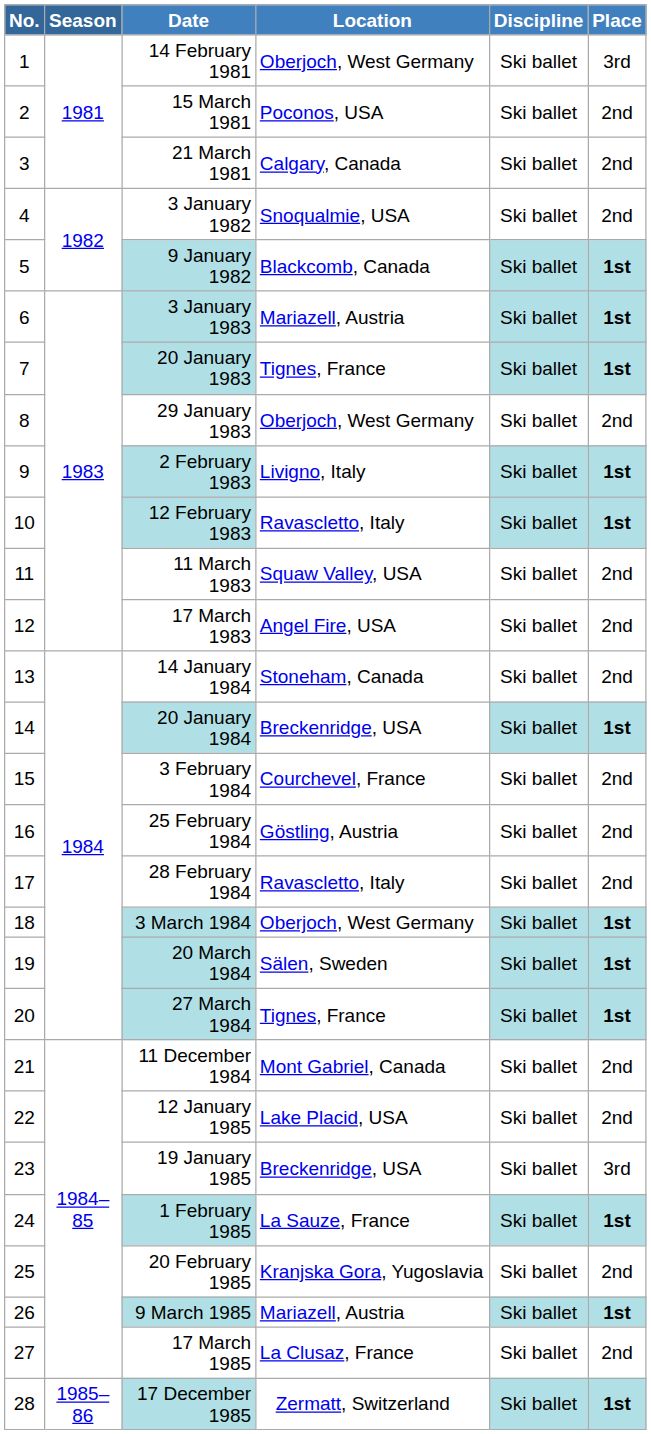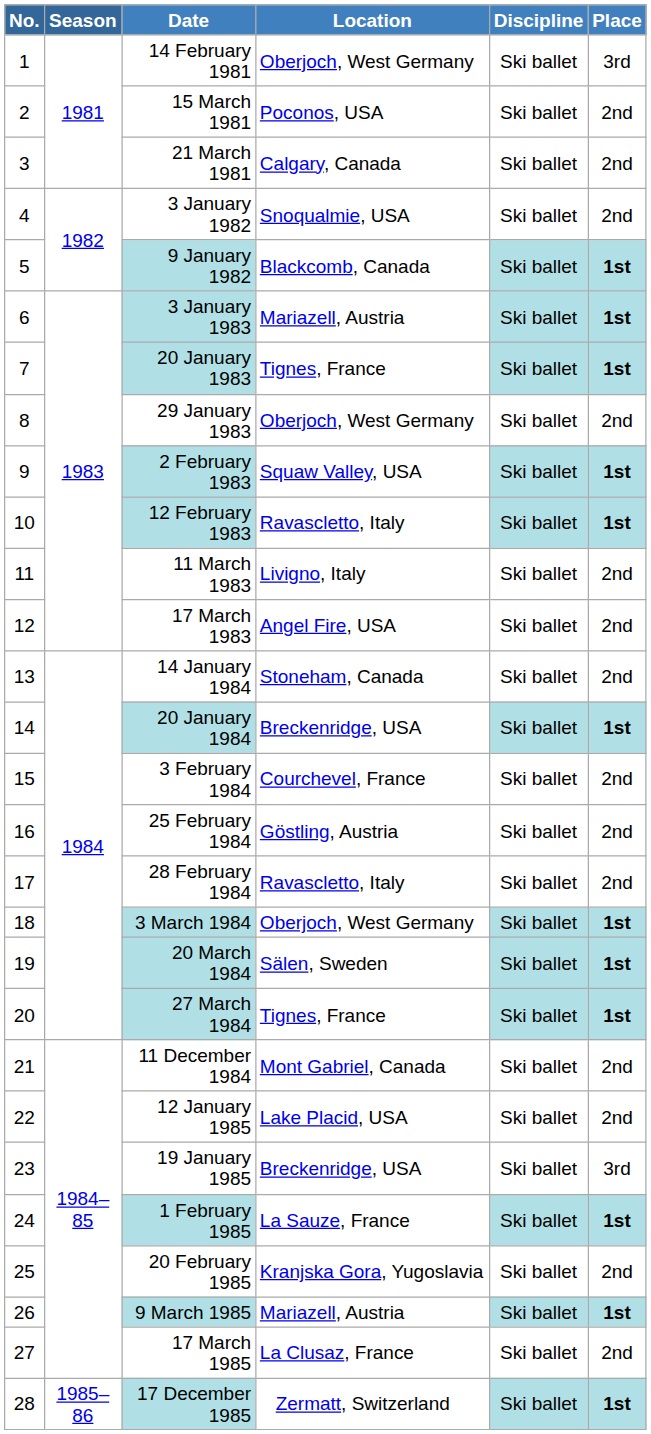 <table class="wikitable sortable" style="font-size:95%; text-align:center; border:grey solid 1px; border-collapse:collapse; background:#ffffff;">
 <tr style="background:#efefef;">
 <th style="background-color:#369; color:white;">No.</th>
 <th style="background-color:#369; color:white; width:55px;">Season</th>
 <th style="background-color:#4180be; color:white; width:100px;">Date</th>
 <th style="background-color:#4180be; color:white; width:180px;">Location</th>
 <th style="background-color:#4180be; color:white; width:70px;">Discipline</th>
 <th style="background-color:#4180be; color:white;">Place</th>
 </tr>
 <tr>
 <td align=center>1</td>
 <td rowspan=3 align=center><a href='#'>1981</a></td>
 <td align=right>14 February 1981</td>
 <td align=left> <a href='#'>Oberjoch</a>, West Germany</td>
 <td>Ski ballet</td>
 <td>3rd</td>
 </tr>
 <tr>
 <td align=center>2</td>
 <td align=right>15 March 1981</td>
 <td align=left> <a href='#'>Poconos</a>, USA</td>
 <td>Ski ballet</td>
 <td>2nd</td>
 </tr>
 <tr>
 <td align=center>3</td>
 <td align=right>21 March 1981</td>
 <td align=left> <a href='#'>Calgary</a>, Canada</td>
 <td>Ski ballet</td>
 <td>2nd</td>
 </tr>
 <tr>
 <td align=center>4</td>
 <td rowspan=2 align=center><a href='#'>1982</a></td>
 <td align=right>3 January 1982</td>
 <td align=left> <a href='#'>Snoqualmie</a>, USA</td>
 <td>Ski ballet</td>
 <td>2nd</td>
 </tr>
 <tr>
 <td align=center>5</td>
 <td bgcolor="#BOEOE6" align=right>9 January 1982</td>
 <td align=left> <a href='#'>Blackcomb</a>, Canada</td>
 <td bgcolor="#BOEOE6">Ski ballet</td>
 <td bgcolor="#BOEOE6"><strong>1st</strong></td>
 </tr>
 <tr>
 <td align=center>6</td>
 <td rowspan=7 align=center><a href='#'>1983</a></td>
 <td bgcolor="#BOEOE6" align=right>3 January 1983</td>
 <td align=left> <a href='#'>Mariazell</a>, Austria</td>
 <td bgcolor="#BOEOE6">Ski ballet</td>
 <td bgcolor="#BOEOE6"><strong>1st</strong></td>
 </tr>
 <tr>
 <td align=center>7</td>
 <td bgcolor="#BOEOE6" align=right>20 January 1983</td>
 <td align=left> <a href='#'>Tignes</a>, France</td>
 <td bgcolor="#BOEOE6">Ski ballet</td>
 <td bgcolor="#BOEOE6"><strong>1st</strong></td>
 </tr>
 <tr>
 <td align=center>8</td>
 <td align=right>29 January 1983</td>
 <td align=left> <a href='#'>Oberjoch</a>, West Germany</td>
 <td>Ski ballet</td>
 <td>2nd</td>
 </tr>
 <tr>
 <td align=center>9</td>
 <td bgcolor="#BOEOE6" align=right>2 February 1983</td>
-<td align=left> <a href='#'>Livigno</a>, Italy</td>
+<td align=left> <a href='#'>Squaw Valley</a>, USA</td>
 <td bgcolor="#BOEOE6">Ski ballet</td>
 <td bgcolor="#BOEOE6"><strong>1st</strong></td>
 </tr>
 <tr>
 <td align=center>10</td>
 <td bgcolor="#BOEOE6" align=right>12 February 1983</td>
 <td align=left> <a href='#'>Ravascletto</a>, Italy</td>
 <td bgcolor="#BOEOE6">Ski ballet</td>
 <td bgcolor="#BOEOE6"><strong>1st</strong></td>
 </tr>
 <tr>
 <td align=center>11</td>
 <td align=right>11 March 1983</td>
-<td align=left> <a href='#'>Squaw Valley</a>, USA</td>
+<td align=left> <a href='#'>Livigno</a>, Italy</td>
 <td>Ski ballet</td>
 <td>2nd</td>
 </tr>
 <tr>
 <td align=center>12</td>
 <td align=right>17 March 1983</td>
 <td align=left> <a href='#'>Angel Fire</a>, USA</td>
 <td>Ski ballet</td>
 <td>2nd</td>
 </tr>
 <tr>
 <td align=center>13</td>
 <td rowspan=8 align=center><a href='#'>1984</a></td>
 <td align=right>14 January 1984</td>
 <td align=left> <a href='#'>Stoneham</a>, Canada</td>
 <td>Ski ballet</td>
 <td>2nd</td>
 </tr>
 <tr>
 <td align=center>14</td>
 <td bgcolor="#BOEOE6" align=right>20 January 1984</td>
 <td align=left> <a href='#'>Breckenridge</a>, USA</td>
 <td bgcolor="#BOEOE6">Ski ballet</td>
 <td bgcolor="#BOEOE6"><strong>1st</strong></td>
 </tr>
 <tr>
 <td align=center>15</td>
 <td align=right>3 February 1984</td>
 <td align=left> <a href='#'>Courchevel</a>, France</td>
 <td>Ski ballet</td>
 <td>2nd</td>
 </tr>
 <tr>
 <td align=center>16</td>
 <td align=right>25 February 1984</td>
 <td align=left> <a href='#'>Göstling</a>, Austria</td>
 <td>Ski ballet</td>
 <td>2nd</td>
 </tr>
 <tr>
 <td align=center>17</td>
 <td align=right>28 February 1984</td>
 <td align=left> <a href='#'>Ravascletto</a>, Italy</td>
 <td>Ski ballet</td>
 <td>2nd</td>
 </tr>
 <tr>
 <td align=center>18</td>
 <td bgcolor="#BOEOE6" align=right>3 March 1984</td>
 <td align=left> <a href='#'>Oberjoch</a>, West Germany</td>
 <td bgcolor="#BOEOE6">Ski ballet</td>
 <td bgcolor="#BOEOE6"><strong>1st</strong></td>
 </tr>
 <tr>
 <td align=center>19</td>
 <td bgcolor="#BOEOE6" align=right>20 March 1984</td>
 <td align=left> <a href='#'>Sälen</a>, Sweden</td>
 <td bgcolor="#BOEOE6">Ski ballet</td>
 <td bgcolor="#BOEOE6"><strong>1st</strong></td>
 </tr>
 <tr>
 <td align=center>20</td>
 <td bgcolor="#BOEOE6" align=right>27 March 1984</td>
 <td align=left> <a href='#'>Tignes</a>, France</td>
 <td bgcolor="#BOEOE6">Ski ballet</td>
 <td bgcolor="#BOEOE6"><strong>1st</strong></td>
 </tr>
 <tr>
 <td align=center>21</td>
 <td rowspan=7 align=center><a href='#'>1984–85</a></td>
 <td align=right>11 December 1984</td>
 <td align=left> <a href='#'>Mont Gabriel</a>, Canada</td>
 <td>Ski ballet</td>
 <td>2nd</td>
 </tr>
 <tr>
 <td align=center>22</td>
 <td align=right>12 January 1985</td>
 <td align=left> <a href='#'>Lake Placid</a>, USA</td>
 <td>Ski ballet</td>
 <td>2nd</td>
 </tr>
 <tr>
 <td align=center>23</td>
 <td align=right>19 January 1985</td>
 <td align=left> <a href='#'>Breckenridge</a>, USA</td>
 <td>Ski ballet</td>
 <td>3rd</td>
 </tr>
 <tr>
 <td align=center>24</td>
 <td bgcolor="#BOEOE6" align=right>1 February 1985</td>
 <td align=left> <a href='#'>La Sauze</a>, France</td>
 <td bgcolor="#BOEOE6">Ski ballet</td>
 <td bgcolor="#BOEOE6"><strong>1st</strong></td>
 </tr>
 <tr>
 <td align=center>25</td>
 <td align=right>20 February 1985</td>
 <td align=left> <a href='#'>Kranjska Gora</a>, Yugoslavia</td>
 <td>Ski ballet</td>
 <td>2nd</td>
 </tr>
 <tr>
 <td align=center>26</td>
 <td bgcolor="#BOEOE6" align=right>9 March 1985</td>
 <td align=left> <a href='#'>Mariazell</a>, Austria</td>
 <td bgcolor="#BOEOE6">Ski ballet</td>
 <td bgcolor="#BOEOE6"><strong>1st</strong></td>
 </tr>
 <tr>
 <td align=center>27</td>
 <td align=right>17 March 1985</td>
 <td align=left> <a href='#'>La Clusaz</a>, France</td>
 <td>Ski ballet</td>
 <td>2nd</td>
 </tr>
 <tr>
 <td align=center>28</td>
 <td align=center><a href='#'>1985–86</a></td>
 <td bgcolor="#BOEOE6" align=right>17 December 1985</td>
 <td align=left>   <a href='#'>Zermatt</a>, Switzerland</td>
 <td bgcolor="#BOEOE6">Ski ballet</td>
 <td bgcolor="#BOEOE6"><strong>1st</strong></td>
 </tr>
 </table>
